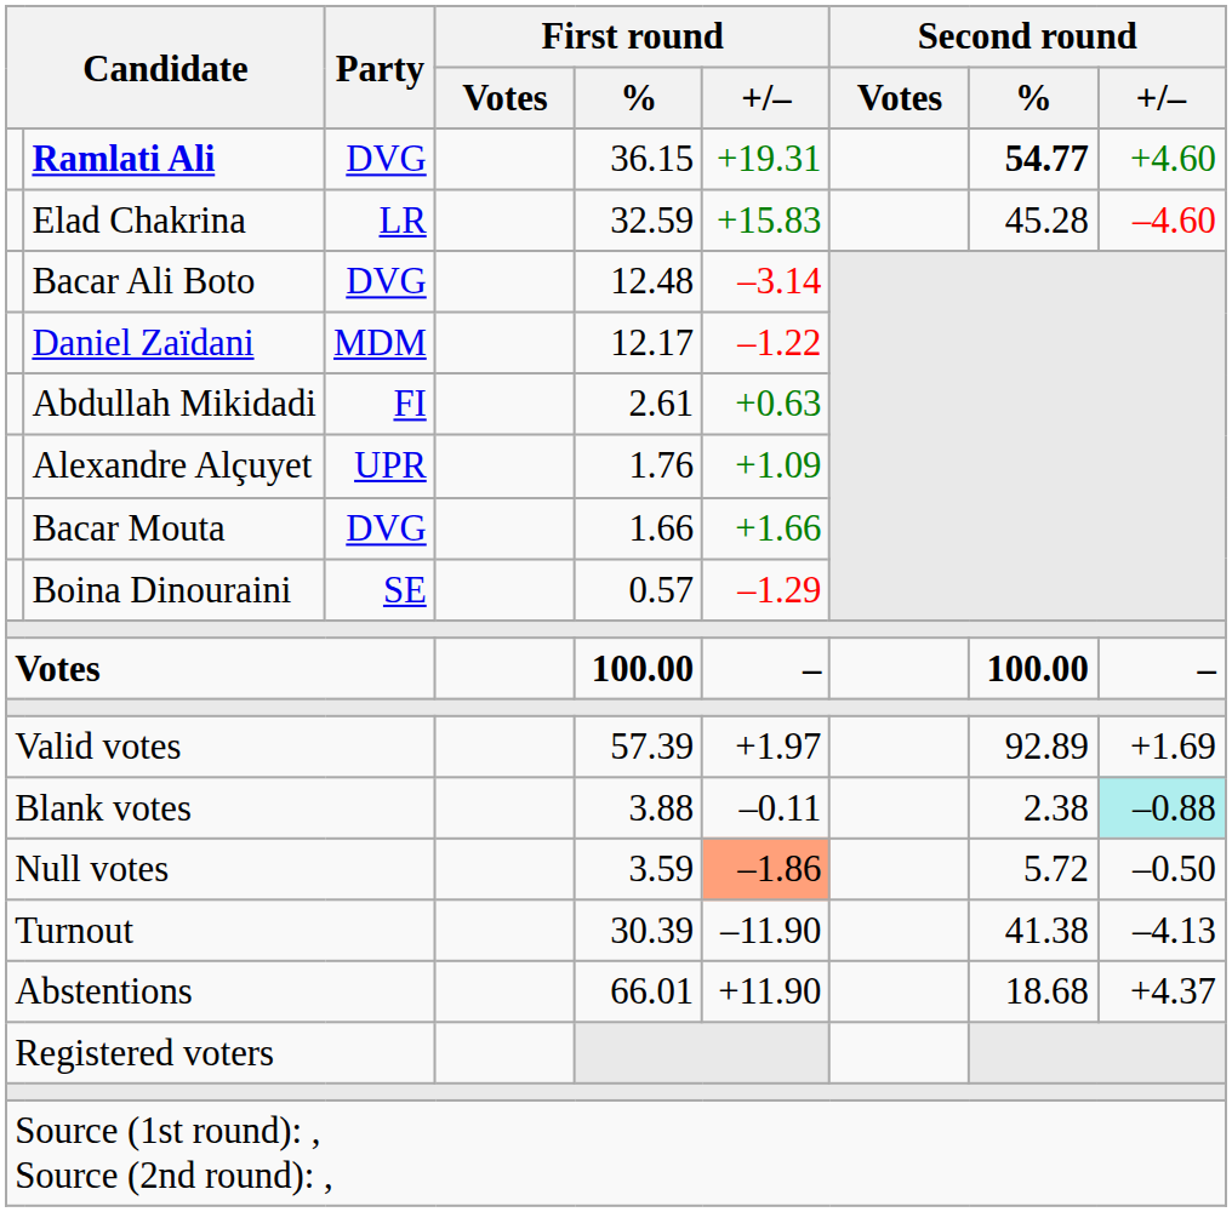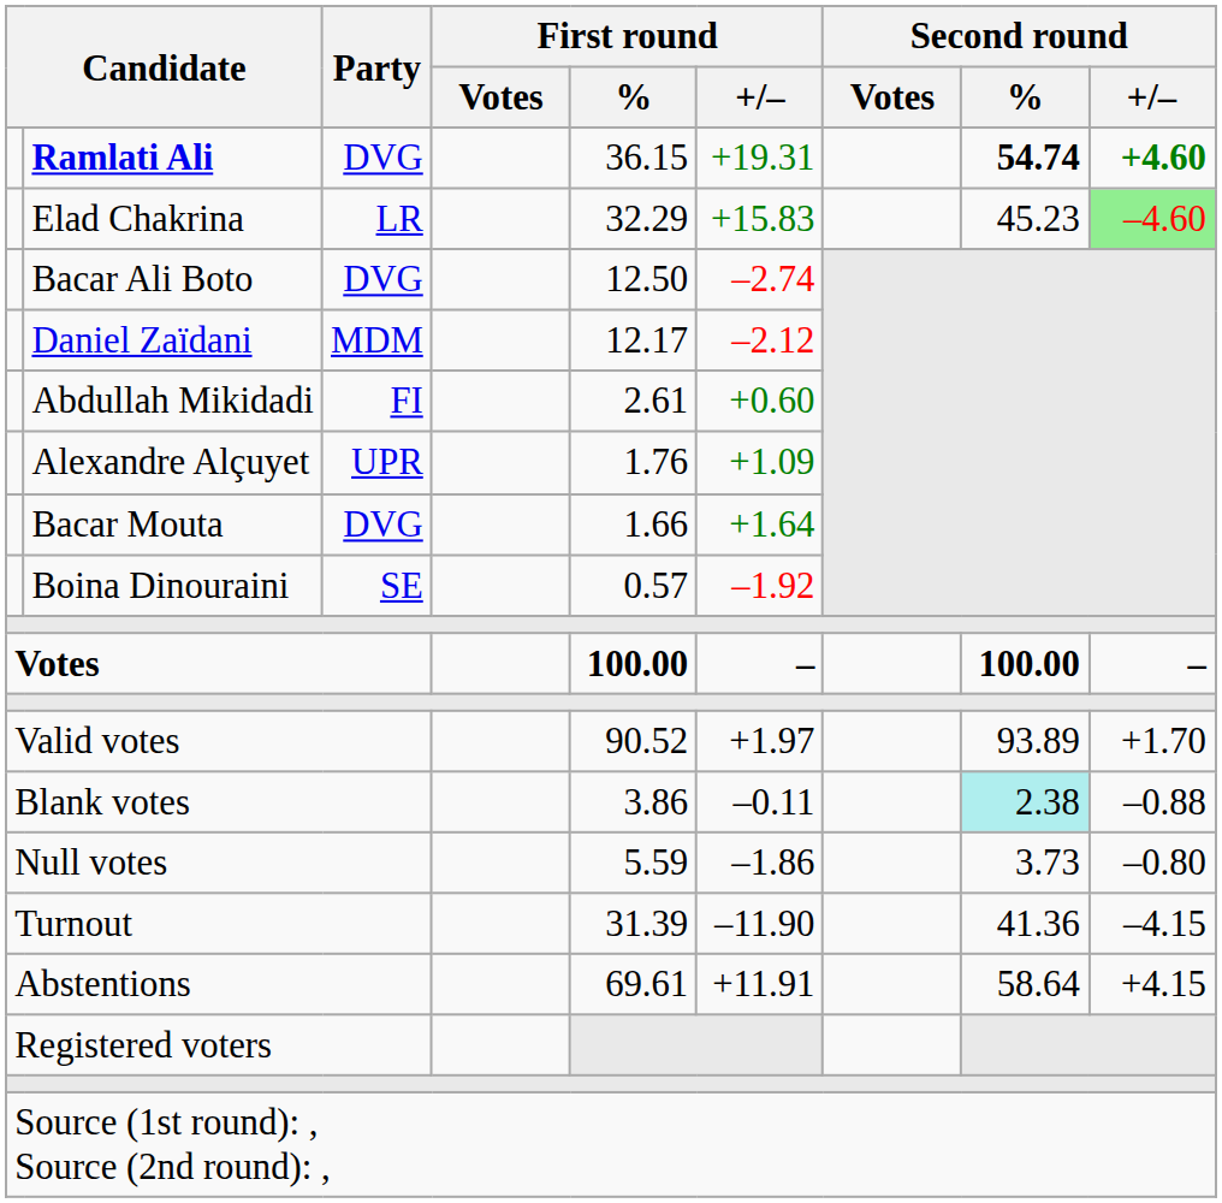 <table class="wikitable" style="text-align:right;font-size:95%;">
 <tr>
 <th rowspan="2" colspan="2">Candidate</th>
 <th rowspan="2">Party</th>
 <th colspan="3">First round</th>
 <th colspan="3">Second round</th>
 </tr>
 <tr>
 <th style="width:50px;">Votes</th>
 <th style="width:45px;">%</th>
 <th style="width:45px;">+/–</th>
 <th style="width:50px;">Votes</th>
 <th style="width:45px;">%</th>
 <th style="width:45px;">+/–</th>
 </tr>
 <tr>
 <td style="color:inherit;background:"></td>
 <td style="text-align:left;"><strong><a href='#'>Ramlati Ali</a></strong></td>
 <td><a href='#'>DVG</a></td>
 <td></td>
 <td>36.15</td>
 <td style="color:green;">+19.31</td>
 <td><strong></strong></td>
-<td><strong>54.77</strong></td>
-<td style="color:green;">+4.60</td>
+<td><strong>54.74</strong></td>
+<td style="color:green;"><strong>+4.60</strong></td>
 </tr>
 <tr>
 <td style="color:inherit;background:"></td>
 <td style="text-align:left;">Elad Chakrina</td>
 <td><a href='#'>LR</a></td>
 <td></td>
-<td>32.59</td>
+<td>32.29</td>
 <td style="color:green;">+15.83</td>
 <td></td>
-<td>45.28</td>
-<td style="color:red;">–4.60</td>
+<td>45.23</td>
+<td style="background: lightgreen; color:red;">–4.60</td>
 </tr>
 <tr>
 <td style="color:inherit;background:"></td>
 <td style="text-align:left;">Bacar Ali Boto</td>
 <td><a href='#'>DVG</a></td>
 <td></td>
-<td>12.48</td>
-<td style="color:red;">–3.14</td>
+<td>12.50</td>
+<td style="color:red;">–2.74</td>
 <td colspan="3" rowspan="6" style="background:#E9E9E9;"></td>
 </tr>
 <tr>
 <td style="color:inherit;background:"></td>
 <td style="text-align:left;"><a href='#'>Daniel Zaïdani</a></td>
 <td><a href='#'>MDM</a></td>
 <td></td>
 <td>12.17</td>
-<td style="color:red;">–1.22</td>
+<td style="color:red;">–2.12</td>
 </tr>
 <tr>
 <td style="color:inherit;background:"></td>
 <td style="text-align:left;">Abdullah Mikidadi</td>
 <td><a href='#'>FI</a></td>
 <td></td>
 <td>2.61</td>
-<td style="color:green;">+0.63</td>
+<td style="color:green;">+0.60</td>
 </tr>
 <tr>
 <td style="color:inherit;background:"></td>
 <td style="text-align:left;">Alexandre Alçuyet</td>
 <td><a href='#'>UPR</a></td>
 <td></td>
 <td>1.76</td>
 <td style="color:green;">+1.09</td>
 </tr>
 <tr>
 <td style="color:inherit;background:"></td>
 <td style="text-align:left;">Bacar Mouta</td>
 <td><a href='#'>DVG</a></td>
 <td></td>
 <td>1.66</td>
-<td style="color:green;">+1.66</td>
+<td style="color:green;">+1.64</td>
 </tr>
 <tr>
 <td style="color:inherit;background:"></td>
 <td style="text-align:left;">Boina Dinouraini</td>
 <td><a href='#'>SE</a></td>
 <td></td>
 <td>0.57</td>
-<td style="color:red;">–1.29</td>
+<td style="color:red;">–1.92</td>
 </tr>
 <tr>
 <td colspan="9" style="background:#E9E9E9;"></td>
 </tr>
 <tr style="font-weight:bold;">
 <td colspan="3" style="text-align:left;">Votes</td>
 <td></td>
 <td>100.00</td>
 <td>–</td>
 <td></td>
 <td>100.00</td>
 <td>–</td>
 </tr>
 <tr>
 <td colspan="9" style="background:#E9E9E9;"></td>
 </tr>
 <tr>
 <td colspan="3" style="text-align:left;">Valid votes</td>
 <td></td>
-<td>57.39</td>
+<td>90.52</td>
 <td>+1.97</td>
 <td></td>
-<td>92.89</td>
-<td>+1.69</td>
+<td>93.89</td>
+<td>+1.70</td>
 </tr>
 <tr>
 <td colspan="3" style="text-align:left;">Blank votes</td>
 <td></td>
-<td>3.88</td>
+<td>3.86</td>
 <td>–0.11</td>
 <td></td>
-<td>2.38</td>
-<td style="background: paleturquoise;">–0.88</td>
+<td style="background: paleturquoise;">2.38</td>
+<td>–0.88</td>
 </tr>
 <tr>
 <td colspan="3" style="text-align:left;">Null votes</td>
 <td></td>
-<td>3.59</td>
-<td style="background: lightsalmon;">–1.86</td>
+<td>5.59</td>
+<td>–1.86</td>
 <td></td>
-<td>5.72</td>
-<td>–0.50</td>
+<td>3.73</td>
+<td>–0.80</td>
 </tr>
 <tr>
 <td colspan="3" style="text-align:left;">Turnout</td>
 <td></td>
-<td>30.39</td>
+<td>31.39</td>
 <td>–11.90</td>
 <td></td>
-<td>41.38</td>
-<td>–4.13</td>
+<td>41.36</td>
+<td>–4.15</td>
 </tr>
 <tr>
 <td colspan="3" style="text-align:left;">Abstentions</td>
 <td></td>
-<td>66.01</td>
-<td>+11.90</td>
+<td>69.61</td>
+<td>+11.91</td>
 <td></td>
-<td>18.68</td>
-<td>+4.37</td>
+<td>58.64</td>
+<td>+4.15</td>
 </tr>
 <tr>
 <td colspan="3" style="text-align:left;">Registered voters</td>
 <td></td>
 <td colspan="2" style="background:#E9E9E9;"></td>
 <td></td>
 <td colspan="2" style="background:#E9E9E9;"></td>
 </tr>
 <tr>
 <td colspan="9" style="background:#E9E9E9;"></td>
 </tr>
 <tr>
 <td colspan="9" style="text-align:left;">Source (1st round): , <br>Source (2nd round): , </td>
 </tr>
 </table>
